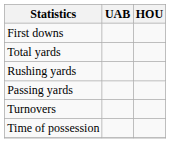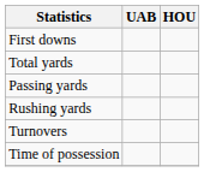 <table class="wikitable">
 <tr>
 <th>Statistics</th>
 <th>UAB</th>
 <th>HOU</th>
 </tr>
 <tr>
 <td>First downs</td>
 <td></td>
 <td></td>
 </tr>
 <tr>
 <td>Total yards</td>
 <td></td>
 <td></td>
 </tr>
 <tr>
-<td>Rushing yards</td>
+<td>Passing yards</td>
 <td></td>
 <td></td>
 </tr>
 <tr>
-<td>Passing yards</td>
+<td>Rushing yards</td>
 <td></td>
 <td></td>
 </tr>
 <tr>
 <td>Turnovers</td>
 <td></td>
 <td></td>
 </tr>
 <tr>
 <td>Time of possession</td>
 <td></td>
 <td></td>
 </tr>
 <tr>
 </tr>
 </table>
